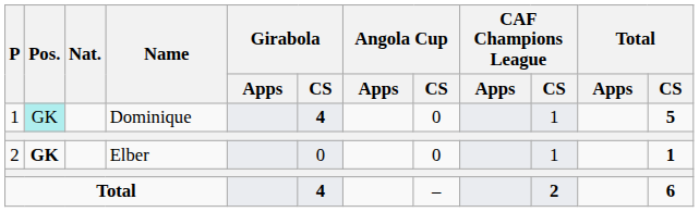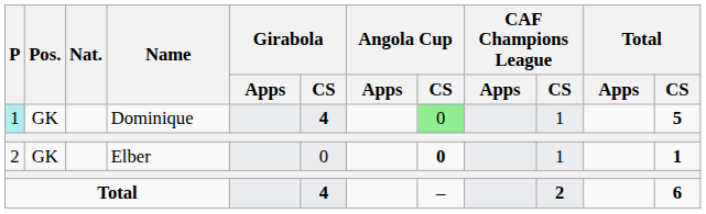 <table class="wikitable sortable" style="text-align:center">
 <tr>
 <th style="text-align:center;" rowspan="2">P</th>
 <th style="text-align:center;" rowspan="2">Pos.</th>
 <th style="text-align:center;" rowspan="2">Nat.</th>
 <th style="text-align:center; width:100px;" rowspan="2">Name</th>
 <th style="text-align:center; width:100px;" colspan="2">Girabola</th>
 <th style="text-align:center; width:100px;" colspan="2">Angola Cup</th>
 <th style="text-align:center; width:100px;" colspan="2">CAF Champions League</th>
 <th style="text-align:center; width:100px;" colspan="2">Total</th>
 </tr>
 <tr>
 <th style="text-align:center;">Apps</th>
 <th style="text-align:center;">CS</th>
 <th style="text-align:center;">Apps</th>
 <th style="text-align:center;">CS</th>
 <th style="text-align:center;">Apps</th>
 <th style="text-align:center;">CS</th>
 <th style="text-align:center;">Apps</th>
 <th style="text-align:center;">CS</th>
 </tr>
 <tr>
-<td>1</td>
-<td style="background: paleturquoise;">GK</td>
+<td style="background: paleturquoise;">1</td>
+<td>GK</td>
 <td></td>
 <td align=left>Dominique</td>
 <td style="background:#eaecf0;"><em></em></td>
 <td style="background:#eaecf0;"><strong>4</strong></td>
 <td><em></em></td>
-<td>0</td>
+<td style="background: lightgreen;">0</td>
 <td style="background:#eaecf0;"><em></em></td>
 <td style="background:#eaecf0;">1</td>
 <td><strong><em></em></strong></td>
 <td><strong>5</strong></td>
 </tr>
 <tr>
 <th colspan=14></th>
 </tr>
 <tr>
 <td>2</td>
-<td><strong>GK</strong></td>
+<td>GK</td>
 <td></td>
 <td align=left>Elber</td>
 <td style="background:#eaecf0;"><em></em></td>
 <td style="background:#eaecf0;">0</td>
 <td><em></em></td>
-<td>0</td>
+<td><strong>0</strong></td>
 <td style="background:#eaecf0;"><em></em></td>
 <td style="background:#eaecf0;">1</td>
 <td><strong><em></em></strong></td>
 <td><strong>1</strong></td>
 </tr>
 <tr>
 <th colspan=14></th>
 </tr>
 <tr>
 <td colspan=4><strong>Total</strong></td>
 <td style="background:#eaecf0;"></td>
 <td style="background:#eaecf0;"><strong>4</strong></td>
 <td></td>
 <td>–</td>
 <td style="background:#eaecf0;"></td>
 <td style="background:#eaecf0;"><strong>2</strong></td>
 <td></td>
 <td><strong>6</strong></td>
 </tr>
 </table>
